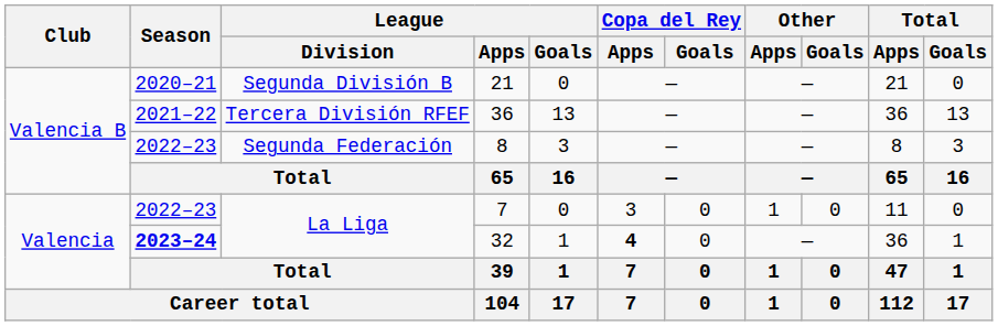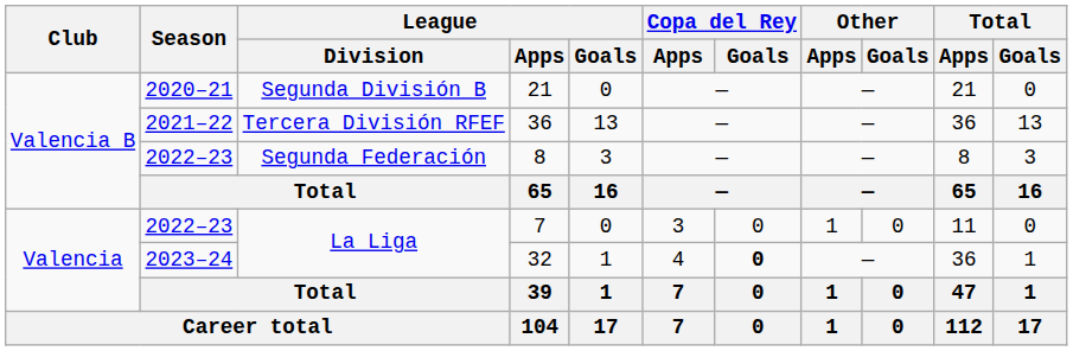 <table class=wikitable style=text-align:center>
 <tr>
 <th rowspan="2">Club</th>
 <th rowspan="2">Season</th>
 <th colspan="3">League</th>
 <th colspan="2"><a href='#'>Copa del Rey</a></th>
 <th colspan="2">Other</th>
 <th colspan="2">Total</th>
 </tr>
 <tr>
 <th>Division</th>
 <th>Apps</th>
 <th>Goals</th>
 <th>Apps</th>
 <th>Goals</th>
 <th>Apps</th>
 <th>Goals</th>
 <th>Apps</th>
 <th>Goals</th>
 </tr>
 <tr>
 <td rowspan="4"><a href='#'>Valencia B</a></td>
 <td><a href='#'>2020–21</a></td>
 <td><a href='#'>Segunda División B</a></td>
 <td>21</td>
 <td>0</td>
 <td colspan="2">—</td>
 <td colspan="2">—</td>
 <td>21</td>
 <td>0</td>
 </tr>
 <tr>
 <td><a href='#'>2021–22</a></td>
 <td><a href='#'>Tercera División RFEF</a></td>
 <td>36</td>
 <td>13</td>
 <td colspan="2">—</td>
 <td colspan="2">—</td>
 <td>36</td>
 <td>13</td>
 </tr>
 <tr>
 <td><a href='#'>2022–23</a></td>
 <td><a href='#'>Segunda Federación</a></td>
 <td>8</td>
 <td>3</td>
 <td colspan="2">—</td>
 <td colspan="2">—</td>
 <td>8</td>
 <td>3</td>
 </tr>
 <tr>
 <th colspan="2">Total</th>
 <th>65</th>
 <th>16</th>
 <th colspan="2">—</th>
 <th colspan="2">—</th>
 <th>65</th>
 <th>16</th>
 </tr>
 <tr>
 <td rowspan="3"><a href='#'>Valencia</a></td>
 <td><a href='#'>2022–23</a></td>
 <td rowspan="2"><a href='#'>La Liga</a></td>
 <td>7</td>
 <td>0</td>
 <td>3</td>
 <td>0</td>
 <td>1</td>
 <td>0</td>
 <td>11</td>
 <td>0</td>
 </tr>
 <tr>
-<td><strong><a href='#'>2023–24</a></strong></td>
+<td><a href='#'>2023–24</a></td>
 <td>32</td>
 <td>1</td>
-<td><strong>4</strong></td>
-<td>0</td>
+<td>4</td>
+<td><strong>0</strong></td>
 <td colspan="2">—</td>
 <td>36</td>
 <td>1</td>
 </tr>
 <tr>
 <th colspan="2">Total</th>
 <th>39</th>
 <th>1</th>
 <th>7</th>
 <th>0</th>
 <th>1</th>
 <th>0</th>
 <th>47</th>
 <th>1</th>
 </tr>
 <tr>
 <th colspan="3">Career total</th>
 <th>104</th>
 <th>17</th>
 <th>7</th>
 <th>0</th>
 <th>1</th>
 <th>0</th>
 <th>112</th>
 <th>17</th>
 </tr>
 </table>
